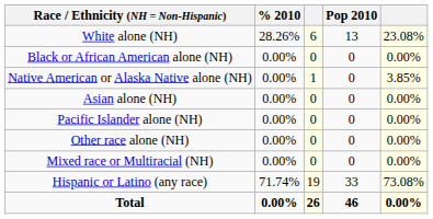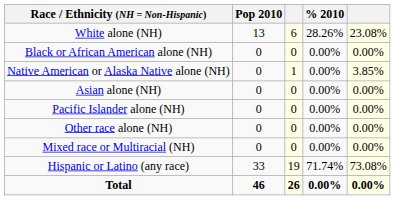 <table class="wikitable" style="text-align:center;">
 <tr>
 <th>Race / Ethnicity <small>(<em>NH = Non-Hispanic</em>)</small></th>
+<th>Pop 2010</th>
+<th></th>
 <th>% 2010</th>
-<th></th>
-<th>Pop 2010</th>
 <th></th>
 </tr>
 <tr>
 <td><a href='#'>White</a> alone (NH)</td>
+<td>13</td>
+<td style='background: #ffffe6;'>6</td>
 <td>28.26%</td>
-<td style='background: #ffffe6;'>6</td>
-<td>13</td>
 <td style='background: #ffffe6;'>23.08%</td>
 </tr>
 <tr>
 <td><a href='#'>Black or African American</a> alone (NH)</td>
+<td>0</td>
+<td style='background: #ffffe6;'>0</td>
 <td>0.00%</td>
-<td style='background: #ffffe6;'>0</td>
-<td>0</td>
 <td style='background: #ffffe6;'>0.00%</td>
 </tr>
 <tr>
 <td><a href='#'>Native American</a> or <a href='#'>Alaska Native</a> alone (NH)</td>
+<td>0</td>
+<td style='background: #ffffe6;'>1</td>
 <td>0.00%</td>
-<td style='background: #ffffe6;'>1</td>
-<td>0</td>
 <td style='background: #ffffe6;'>3.85%</td>
 </tr>
 <tr>
 <td><a href='#'>Asian</a> alone (NH)</td>
+<td>0</td>
+<td style='background: #ffffe6;'>0</td>
 <td>0.00%</td>
-<td style='background: #ffffe6;'>0</td>
-<td>0</td>
 <td style='background: #ffffe6;'>0.00%</td>
 </tr>
 <tr>
 <td><a href='#'>Pacific Islander</a> alone (NH)</td>
+<td>0</td>
+<td style='background: #ffffe6;'>0</td>
 <td>0.00%</td>
-<td style='background: #ffffe6;'>0</td>
-<td>0</td>
 <td style='background: #ffffe6;'>0.00%</td>
 </tr>
 <tr>
 <td><a href='#'>Other race</a> alone (NH)</td>
+<td>0</td>
+<td style='background: #ffffe6;'>0</td>
 <td>0.00%</td>
-<td style='background: #ffffe6;'>0</td>
-<td>0</td>
 <td style='background: #ffffe6;'>0.00%</td>
 </tr>
 <tr>
 <td><a href='#'>Mixed race or Multiracial</a> (NH)</td>
+<td>0</td>
+<td style='background: #ffffe6;'>0</td>
 <td>0.00%</td>
-<td style='background: #ffffe6;'>0</td>
-<td>0</td>
 <td style='background: #ffffe6;'>0.00%</td>
 </tr>
 <tr>
 <td><a href='#'>Hispanic or Latino</a> (any race)</td>
+<td>33</td>
+<td style='background: #ffffe6;'>19</td>
 <td>71.74%</td>
-<td style='background: #ffffe6;'>19</td>
-<td>33</td>
 <td style='background: #ffffe6;'>73.08%</td>
 </tr>
 <tr>
 <td><strong>Total</strong></td>
+<td><strong>46</strong></td>
+<td style='background: #ffffe6;'><strong>26</strong></td>
 <td><strong>0.00%</strong></td>
-<td style='background: #ffffe6;'><strong>26</strong></td>
-<td><strong>46</strong></td>
 <td style='background: #ffffe6;'><strong>0.00%</strong></td>
 </tr>
 </table>
